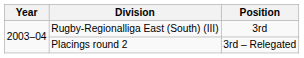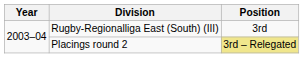 <table class="wikitable">
 <tr>
 <th>Year</th>
 <th>Division</th>
 <th>Position</th>
 </tr>
 <tr align="center">
 <td rowspan=2>2003–04</td>
 <td align="left">Rugby-Regionalliga East (South) (III)</td>
 <td>3rd</td>
 </tr>
 <tr align="center">
 <td align="left">Placings round 2</td>
-<td>3rd – Relegated</td>
+<td style="background: khaki;">3rd – Relegated</td>
 </tr>
 </table>
